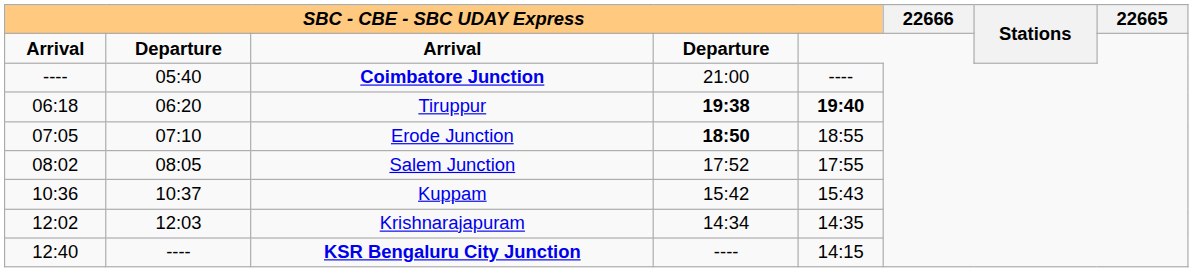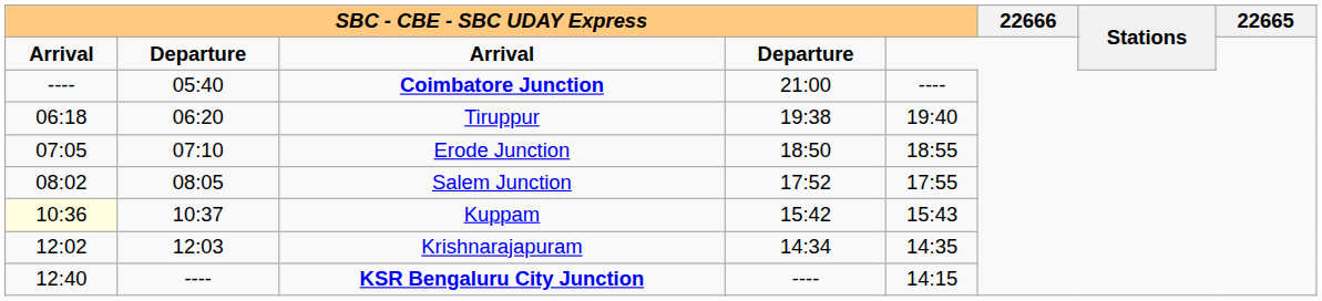 <table class="wikitable" width="65%" style="text-align: center;">
 <tr>
 <th colspan="5" align="center" style="background:#FFC97F;"><span><em>SBC - CBE - SBC UDAY Express</em></span></th>
 <th colspan="2">22666</th>
 <th rowspan="2">Stations</th>
 <th colspan="2">22665</th>
 </tr>
 <tr>
 <td><strong>Arrival</strong></td>
 <td><strong>Departure</strong></td>
 <td><strong>Arrival</strong></td>
 <td><strong>Departure</strong></td>
 </tr>
 <tr>
 <td>----</td>
 <td>05:40</td>
 <td><strong><a href='#'>Coimbatore Junction</a></strong></td>
 <td>21:00</td>
 <td>----</td>
 </tr>
 <tr>
 <td>06:18</td>
 <td>06:20</td>
 <td><a href='#'>Tiruppur</a></td>
-<td><strong>19:38</strong></td>
-<td><strong>19:40</strong></td>
+<td>19:38</td>
+<td>19:40</td>
 </tr>
 <tr>
 <td>07:05</td>
 <td>07:10</td>
 <td><a href='#'>Erode Junction</a></td>
-<td><strong>18:50</strong></td>
+<td>18:50</td>
 <td>18:55</td>
 </tr>
 <tr>
 <td>08:02</td>
 <td>08:05</td>
 <td><a href='#'>Salem Junction</a></td>
 <td>17:52</td>
 <td>17:55</td>
 </tr>
 <tr>
-<td>10:36</td>
+<td style="background: lightyellow;">10:36</td>
 <td>10:37</td>
 <td><a href='#'>Kuppam</a></td>
 <td>15:42</td>
 <td>15:43</td>
 </tr>
 <tr>
 <td>12:02</td>
 <td>12:03</td>
 <td><a href='#'>Krishnarajapuram</a></td>
 <td>14:34</td>
 <td>14:35</td>
 </tr>
 <tr>
 <td>12:40</td>
 <td>----</td>
 <td><strong> <a href='#'>KSR Bengaluru City Junction</a></strong></td>
 <td>----</td>
 <td>14:15</td>
 </tr>
 </table>
